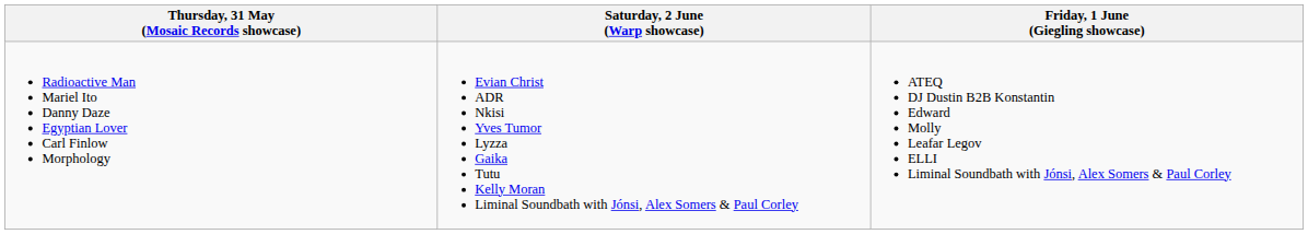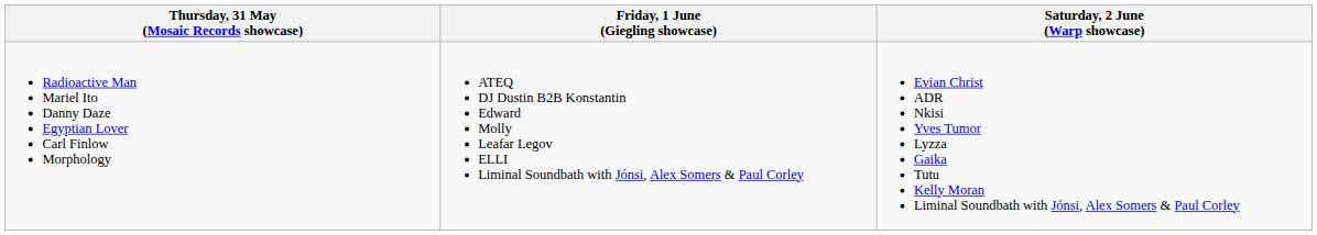 <table class="wikitable">
 <tr>
 <th width="500">Thursday, 31 May<br>(<a href='#'>Mosaic Records</a> showcase)</th>
+<th width="500">Friday, 1 June<br>(Giegling showcase)</th>
 <th width="500">Saturday, 2 June<br>(<a href='#'>Warp</a> showcase)</th>
-<th width="500">Friday, 1 June<br>(Giegling showcase)</th>
 </tr>
 <tr valign="top">
 <td><br><ul><li><a href='#'>Radioactive Man</a></li><li>Mariel Ito</li><li>Danny Daze</li><li><a href='#'>Egyptian Lover</a></li><li>Carl Finlow</li><li>Morphology</li></ul></td>
+<td><br><ul><li>ATEQ</li><li>DJ Dustin B2B Konstantin</li><li>Edward</li><li>Molly</li><li>Leafar Legov</li><li>ELLI</li><li>Liminal Soundbath with <a href='#'>Jónsi</a>, <a href='#'>Alex Somers</a> & <a href='#'>Paul Corley</a></li></ul></td>
 <td><br><ul><li><a href='#'>Evian Christ</a></li><li>ADR</li><li>Nkisi</li><li><a href='#'>Yves Tumor</a></li><li>Lyzza</li><li><a href='#'>Gaika</a></li><li>Tutu</li><li><a href='#'>Kelly Moran</a></li><li>Liminal Soundbath with <a href='#'>Jónsi</a>, <a href='#'>Alex Somers</a> & <a href='#'>Paul Corley</a></li></ul></td>
-<td><br><ul><li>ATEQ</li><li>DJ Dustin B2B Konstantin</li><li>Edward</li><li>Molly</li><li>Leafar Legov</li><li>ELLI</li><li>Liminal Soundbath with <a href='#'>Jónsi</a>, <a href='#'>Alex Somers</a> & <a href='#'>Paul Corley</a></li></ul></td>
 </tr>
 </table>
